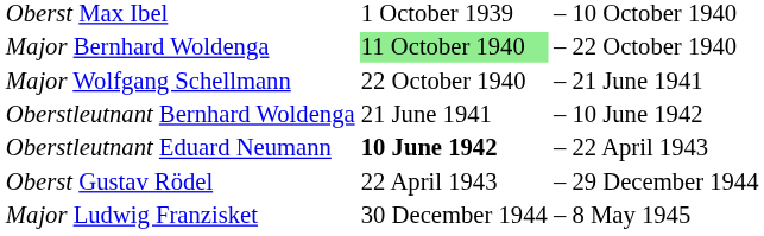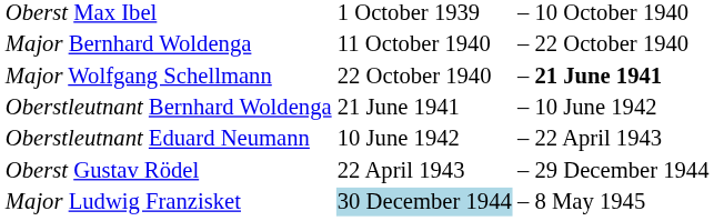 <table>
 <tr>
 <td><em>Oberst</em> <a href='#'>Max Ibel</a></td>
 <td>1 October 1939</td>
 <td>–</td>
 <td>10 October 1940</td>
 </tr>
 <tr>
 <td><em>Major</em> <a href='#'>Bernhard Woldenga</a></td>
-<td style="background: lightgreen;">11 October 1940</td>
+<td>11 October 1940</td>
 <td>–</td>
 <td>22 October 1940</td>
 </tr>
 <tr>
 <td><em>Major</em> <a href='#'>Wolfgang Schellmann</a></td>
 <td>22 October 1940</td>
 <td>–</td>
-<td>21 June 1941</td>
+<td><strong>21 June 1941</strong></td>
 </tr>
 <tr>
 <td><em>Oberstleutnant</em> <a href='#'>Bernhard Woldenga</a></td>
 <td>21 June 1941</td>
 <td>–</td>
 <td>10 June 1942</td>
 </tr>
 <tr>
 <td><em>Oberstleutnant</em> <a href='#'>Eduard Neumann</a></td>
-<td><strong>10 June 1942</strong></td>
+<td>10 June 1942</td>
 <td>–</td>
 <td>22 April 1943</td>
 </tr>
 <tr>
 <td><em>Oberst</em> <a href='#'>Gustav Rödel</a></td>
 <td>22 April 1943</td>
 <td>–</td>
 <td>29 December 1944</td>
 </tr>
 <tr>
 <td><em>Major</em> <a href='#'>Ludwig Franzisket</a></td>
-<td>30 December 1944</td>
+<td style="background: lightblue;">30 December 1944</td>
 <td>–</td>
 <td>8 May 1945</td>
 </tr>
 </table>
